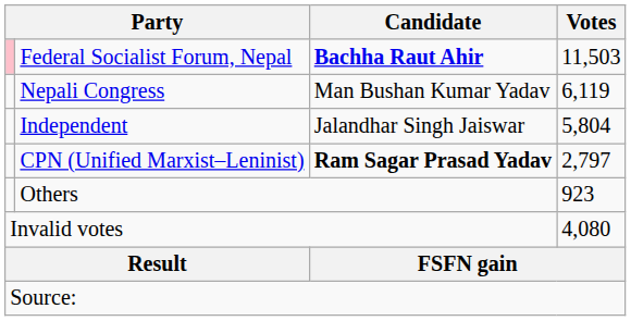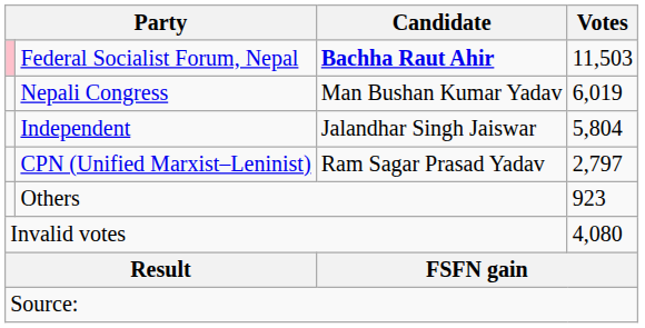 <table class="wikitable">
 <tr>
 <th colspan="2">Party</th>
 <th>Candidate</th>
 <th>Votes</th>
 </tr>
 <tr>
 <td style="background-color:pink"></td>
 <td><a href='#'>Federal Socialist Forum, Nepal</a></td>
 <td><strong><a href='#'>Bachha Raut Ahir</a></strong></td>
 <td>11,503</td>
 </tr>
 <tr>
 <td style="background-color:"></td>
 <td><a href='#'>Nepali Congress</a></td>
 <td>Man Bushan Kumar Yadav</td>
-<td>6,119</td>
+<td>6,019</td>
 </tr>
 <tr>
 <td style="background-color:"></td>
 <td><a href='#'>Independent</a></td>
 <td>Jalandhar Singh Jaiswar</td>
 <td>5,804</td>
 </tr>
 <tr>
 <td style="background-color:"></td>
 <td><a href='#'>CPN (Unified Marxist–Leninist)</a></td>
-<td><strong>Ram Sagar Prasad Yadav</strong></td>
+<td>Ram Sagar Prasad Yadav</td>
 <td>2,797</td>
 </tr>
 <tr>
 <td></td>
 <td colspan="2">Others</td>
 <td>923</td>
 </tr>
 <tr>
 <td colspan="3">Invalid votes</td>
 <td>4,080</td>
 </tr>
 <tr>
 <th colspan="2">Result</th>
 <th colspan="2">FSFN gain</th>
 </tr>
 <tr>
 <td colspan="4">Source: </td>
 </tr>
 </table>
